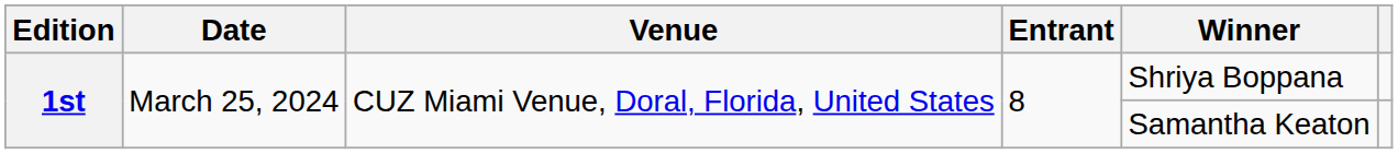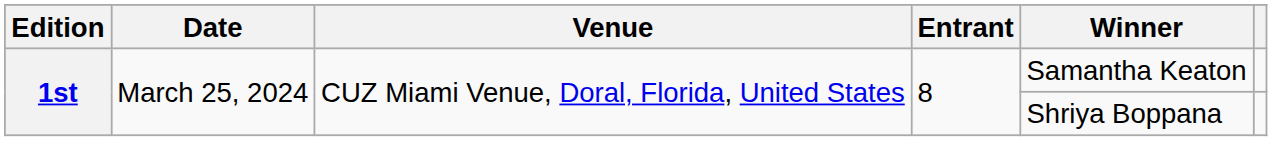 <table class="wikitable col1center col4center col6center" style="font-size:95%;">
 <tr>
 <th>Edition</th>
 <th>Date</th>
 <th>Venue</th>
 <th>Entrant</th>
 <th>Winner</th>
 <th></th>
 </tr>
 <tr>
 <th rowspan="2"><a href='#'>1st</a></th>
 <td rowspan="2">March 25, 2024</td>
 <td rowspan="2">CUZ Miami Venue, <a href='#'>Doral, Florida</a>, <a href='#'>United States</a></td>
 <td rowspan="2">8</td>
+<td>Samantha Keaton</td>
+<td></td>
+</tr>
+<tr>
 <td>Shriya Boppana</td>
 <td></td>
 </tr>
-<tr>
-<td>Samantha Keaton</td>
-<td></td>
-</tr>
 </table>
